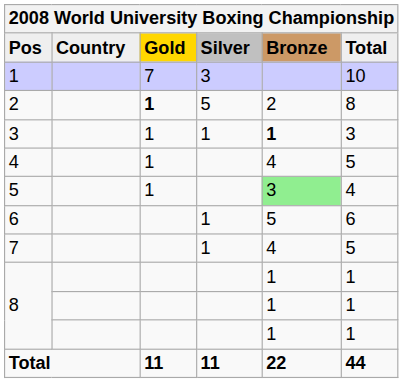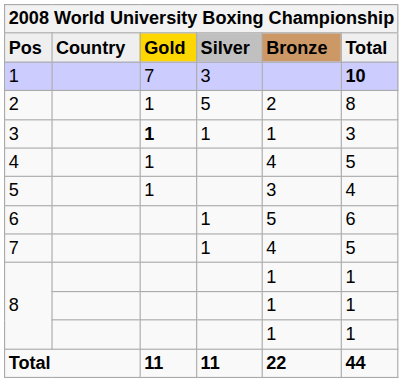 <table class="wikitable">
 <tr bgcolor="#efefef">
 <th colspan=7 style="border-right:0px;";><strong>2008 World University Boxing Championship</strong></th>
 </tr>
 <tr bgcolor="#efefef">
 <td><strong>Pos</strong></td>
 <td><strong>Country</strong></td>
 <td bgcolor="gold"><strong>Gold</strong></td>
 <td bgcolor="silver"><strong>Silver</strong></td>
 <td bgcolor="CC9966"><strong>Bronze</strong></td>
 <td><strong>Total</strong></td>
 </tr>
 <tr style="background:#ccccff">
 <td>1</td>
 <td></td>
 <td>7</td>
 <td>3</td>
 <td></td>
-<td>10</td>
+<td><strong>10</strong></td>
 </tr>
 <tr>
 <td>2</td>
 <td></td>
-<td><strong>1</strong></td>
+<td>1</td>
 <td>5</td>
 <td>2</td>
 <td>8</td>
 </tr>
 <tr>
 <td>3</td>
 <td></td>
+<td><strong>1</strong></td>
 <td>1</td>
 <td>1</td>
-<td><strong>1</strong></td>
 <td>3</td>
 </tr>
 <tr>
 <td>4</td>
 <td></td>
 <td>1</td>
 <td></td>
 <td>4</td>
 <td>5</td>
 </tr>
 <tr>
 <td>5</td>
 <td></td>
 <td>1</td>
 <td></td>
-<td style="background: lightgreen;">3</td>
+<td>3</td>
 <td>4</td>
 </tr>
 <tr>
 <td>6</td>
 <td></td>
 <td></td>
 <td>1</td>
 <td>5</td>
 <td>6</td>
 </tr>
 <tr>
 <td>7</td>
 <td></td>
 <td></td>
 <td>1</td>
 <td>4</td>
 <td>5</td>
 </tr>
 <tr>
 <td rowspan=3>8</td>
 <td></td>
 <td></td>
 <td></td>
 <td>1</td>
 <td>1</td>
 </tr>
 <tr>
 <td></td>
 <td></td>
 <td></td>
 <td>1</td>
 <td>1</td>
 </tr>
 <tr>
 <td></td>
 <td></td>
 <td></td>
 <td>1</td>
 <td>1</td>
 </tr>
 <tr>
 <td colspan=2><strong>Total</strong></td>
 <td><strong>11</strong></td>
 <td><strong>11</strong></td>
 <td><strong>22</strong></td>
 <td><strong>44</strong></td>
 </tr>
 </table>
